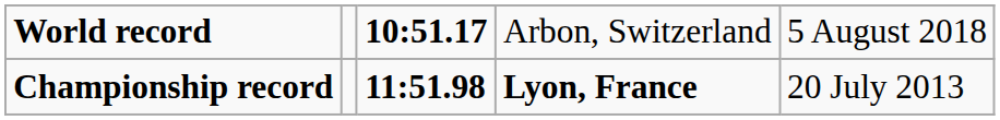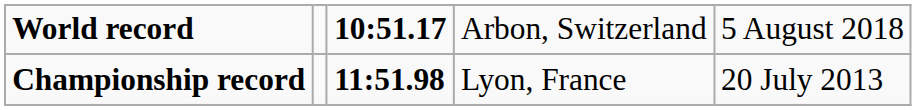 <table class="wikitable">
 <tr>
 <td><strong>World record</strong></td>
 <td></td>
 <td><strong>10:51.17</strong></td>
 <td>Arbon, Switzerland</td>
 <td>5 August 2018</td>
 </tr>
 <tr>
 <td><strong>Championship record</strong></td>
 <td></td>
 <td><strong>11:51.98</strong></td>
-<td><strong>Lyon, France</strong></td>
+<td>Lyon, France</td>
 <td>20 July 2013</td>
 </tr>
 </table>
